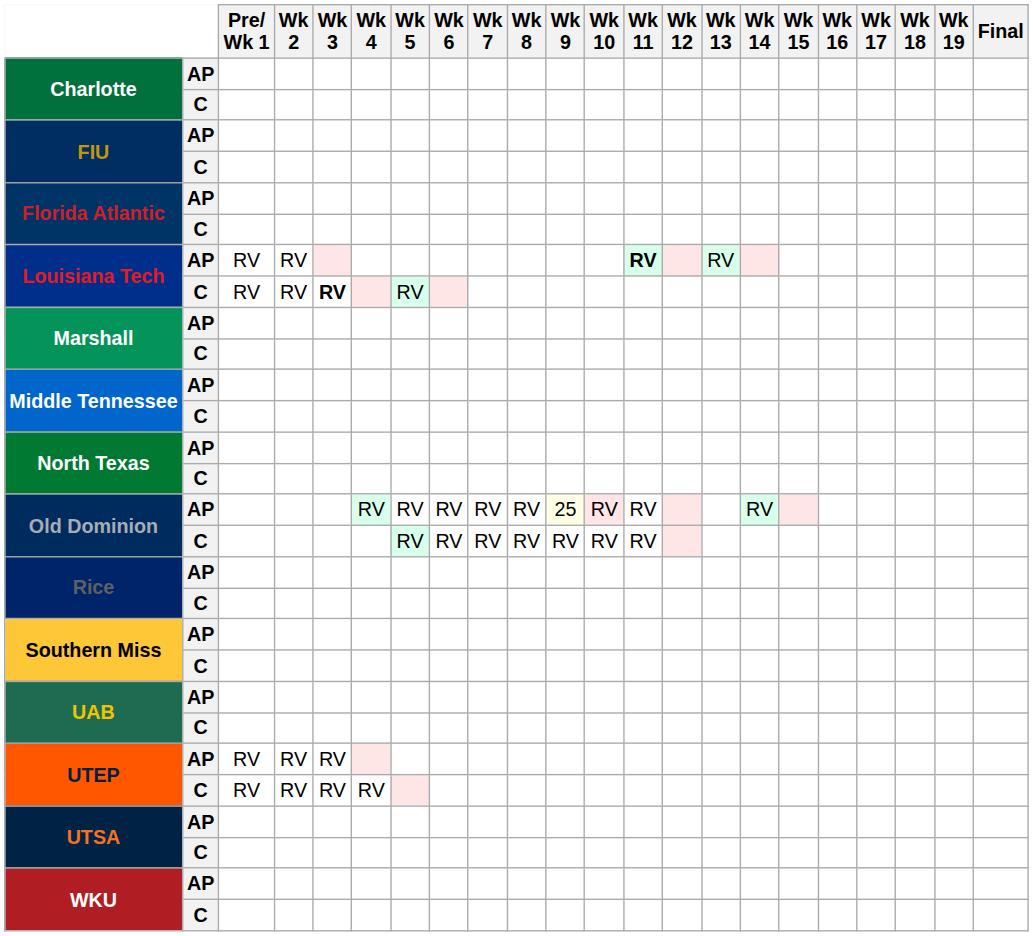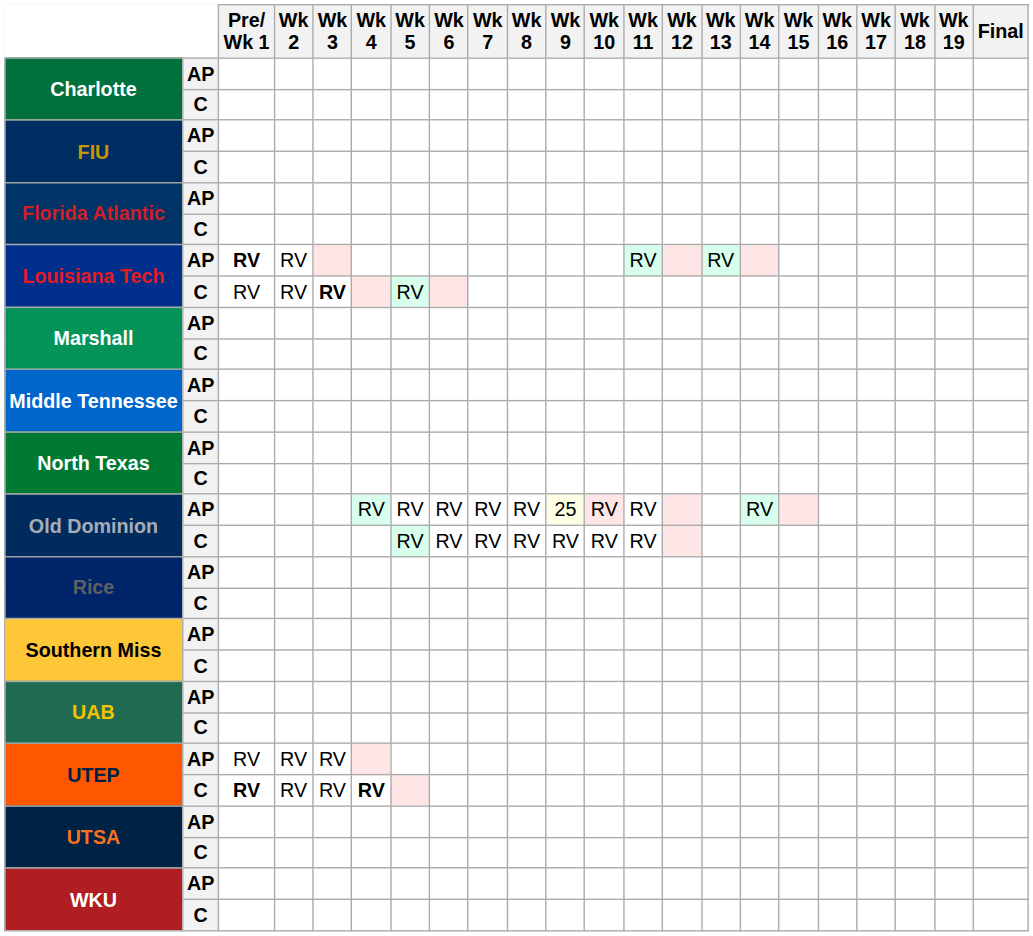 <table class="wikitable" style="white-space:nowrap;font-size:90%;">
 <tr>
 <th colspan=2 style="background:white; border-top-style:hidden; border-left-style:hidden;"> </th>
 <th>Pre/<br>Wk 1</th>
 <th>Wk<br>2</th>
 <th>Wk<br>3</th>
 <th>Wk<br>4</th>
 <th>Wk<br>5</th>
 <th>Wk<br>6</th>
 <th>Wk<br>7</th>
 <th>Wk<br>8</th>
 <th>Wk<br>9</th>
 <th>Wk<br>10</th>
 <th>Wk<br>11</th>
 <th>Wk<br>12</th>
 <th>Wk<br>13</th>
 <th>Wk<br>14</th>
 <th>Wk<br>15</th>
 <th>Wk<br>16</th>
 <th>Wk<br>17</th>
 <th>Wk<br>18</th>
 <th>Wk<br>19</th>
 <th>Final</th>
 </tr>
 <tr style="text-align:center;">
 <th rowspan=2 style="background:#00703C; color:#FFFFFF;">Charlotte</th>
 <th>AP</th>
 <td style="background:#FFF;"></td>
 <td style="background:#FFF;"></td>
 <td style="background:#FFF;"></td>
 <td style="background:#FFF;"></td>
 <td style="background:#FFF;"></td>
 <td style="background:#FFF;"></td>
 <td style="background:#FFF;"></td>
 <td style="background:#FFF;"></td>
 <td style="background:#FFF;"></td>
 <td style="background:#FFF;"></td>
 <td style="background:#FFF;"></td>
 <td style="background:#FFF;"></td>
 <td style="background:#FFF;"></td>
 <td style="background:#FFF;"></td>
 <td style="background:#FFF;"></td>
 <td style="background:#FFF;"></td>
 <td style="background:#FFF;"></td>
 <td style="background:#FFF;"></td>
 <td style="background:#FFF;"></td>
 <td style="background:#FFF;"></td>
 </tr>
 <tr style="text-align:center;">
 <th>C</th>
 <td style="background:#FFF;"></td>
 <td style="background:#FFF;"></td>
 <td style="background:#FFF;"></td>
 <td style="background:#FFF;"></td>
 <td style="background:#FFF;"></td>
 <td style="background:#FFF;"></td>
 <td style="background:#FFF;"></td>
 <td style="background:#FFF;"></td>
 <td style="background:#FFF;"></td>
 <td style="background:#FFF;"></td>
 <td style="background:#FFF;"></td>
 <td style="background:#FFF;"></td>
 <td style="background:#FFF;"></td>
 <td style="background:#FFF;"></td>
 <td style="background:#FFF;"></td>
 <td style="background:#FFF;"></td>
 <td style="background:#FFF;"></td>
 <td style="background:#FFF;"></td>
 <td style="background:#FFF;"></td>
 <td style="background:#FFF;"></td>
 </tr>
 <tr style="text-align:center;">
 <th rowspan=2 style="background:#002d62; color:#c5960c;">FIU</th>
 <th>AP</th>
 <td style="background:#FFF;"></td>
 <td style="background:#FFF;"></td>
 <td style="background:#FFF;"></td>
 <td style="background:#FFF;"></td>
 <td style="background:#FFF;"></td>
 <td style="background:#FFF;"></td>
 <td style="background:#FFF;"></td>
 <td style="background:#FFF;"></td>
 <td style="background:#FFF;"></td>
 <td style="background:#FFF;"></td>
 <td style="background:#FFF;"></td>
 <td style="background:#FFF;"></td>
 <td style="background:#FFF;"></td>
 <td style="background:#FFF;"></td>
 <td style="background:#FFF;"></td>
 <td style="background:#FFF;"></td>
 <td style="background:#FFF;"></td>
 <td style="background:#FFF;"></td>
 <td style="background:#FFF;"></td>
 <td style="background:#FFF;"></td>
 </tr>
 <tr style="text-align:center;">
 <th>C</th>
 <td style="background:#FFF;"></td>
 <td style="background:#FFF;"></td>
 <td style="background:#FFF;"></td>
 <td style="background:#FFF;"></td>
 <td style="background:#FFF;"></td>
 <td style="background:#FFF;"></td>
 <td style="background:#FFF;"></td>
 <td style="background:#FFF;"></td>
 <td style="background:#FFF;"></td>
 <td style="background:#FFF;"></td>
 <td style="background:#FFF;"></td>
 <td style="background:#FFF;"></td>
 <td style="background:#FFF;"></td>
 <td style="background:#FFF;"></td>
 <td style="background:#FFF;"></td>
 <td style="background:#FFF;"></td>
 <td style="background:#FFF;"></td>
 <td style="background:#FFF;"></td>
 <td style="background:#FFF;"></td>
 <td style="background:#FFF;"></td>
 </tr>
 <tr style="text-align:center;">
 <th rowspan=2 style="background:#003366; color:#CE2029;">Florida Atlantic</th>
 <th>AP</th>
 <td style="background:#FFF;"></td>
 <td style="background:#FFF;"></td>
 <td style="background:#FFF;"></td>
 <td style="background:#FFF;"></td>
 <td style="background:#FFF;"></td>
 <td style="background:#FFF;"></td>
 <td style="background:#FFF;"></td>
 <td style="background:#FFF;"></td>
 <td style="background:#FFF;"></td>
 <td style="background:#FFF;"></td>
 <td style="background:#FFF;"></td>
 <td style="background:#FFF;"></td>
 <td style="background:#FFF;"></td>
 <td style="background:#FFF;"></td>
 <td style="background:#FFF;"></td>
 <td style="background:#FFF;"></td>
 <td style="background:#FFF;"></td>
 <td style="background:#FFF;"></td>
 <td style="background:#FFF;"></td>
 <td style="background:#FFF;"></td>
 </tr>
 <tr style="text-align:center;">
 <th>C</th>
 <td style="background:#FFF;"></td>
 <td style="background:#FFF;"></td>
 <td style="background:#FFF;"></td>
 <td style="background:#FFF;"></td>
 <td style="background:#FFF;"></td>
 <td style="background:#FFF;"></td>
 <td style="background:#FFF;"></td>
 <td style="background:#FFF;"></td>
 <td style="background:#FFF;"></td>
 <td style="background:#FFF;"></td>
 <td style="background:#FFF;"></td>
 <td style="background:#FFF;"></td>
 <td style="background:#FFF;"></td>
 <td style="background:#FFF;"></td>
 <td style="background:#FFF;"></td>
 <td style="background:#FFF;"></td>
 <td style="background:#FFF;"></td>
 <td style="background:#FFF;"></td>
 <td style="background:#FFF;"></td>
 <td style="background:#FFF;"></td>
 </tr>
 <tr style="text-align:center;">
 <th rowspan=2 style="background:#002F8B; color:#E31B23;">Louisiana Tech</th>
 <th>AP</th>
-<td style="background:#FFF;">RV</td>
+<td style="background:#FFF;"><strong>RV</strong></td>
 <td style="background:#FFF;">RV</td>
 <td style="background:#ffe6e6;"></td>
 <td style="background:#FFF;"></td>
 <td style="background:#FFF;"></td>
 <td style="background:#FFF;"></td>
 <td style="background:#FFF;"></td>
 <td style="background:#FFF;"></td>
 <td style="background:#FFF;"></td>
 <td style="background:#FFF;"></td>
-<td style="background:#d8ffeb;"><strong>RV</strong></td>
+<td style="background:#d8ffeb;">RV</td>
 <td style="background:#ffe6e6;"></td>
 <td style="background:#d8ffeb;">RV</td>
 <td style="background:#ffe6e6;"></td>
 <td style="background:#FFF;"></td>
 <td style="background:#FFF;"></td>
 <td style="background:#FFF;"></td>
 <td style="background:#FFF;"></td>
 <td style="background:#FFF;"></td>
 <td style="background:#FFF;"></td>
 </tr>
 <tr style="text-align:center;">
 <th>C</th>
 <td style="background:#FFF;">RV</td>
 <td style="background:#FFF;">RV</td>
 <td style="background:#FFF;"><strong>RV</strong></td>
 <td style="background:#ffe6e6;"></td>
 <td style="background:#d8ffeb;">RV</td>
 <td style="background:#ffe6e6;"></td>
 <td style="background:#FFF;"></td>
 <td style="background:#FFF;"></td>
 <td style="background:#FFF;"></td>
 <td style="background:#FFF;"></td>
 <td style="background:#FFF;"></td>
 <td style="background:#FFF;"></td>
 <td style="background:#FFF;"></td>
 <td style="background:#FFF;"></td>
 <td style="background:#FFF;"></td>
 <td style="background:#FFF;"></td>
 <td style="background:#FFF;"></td>
 <td style="background:#FFF;"></td>
 <td style="background:#FFF;"></td>
 <td style="background:#FFF;"></td>
 </tr>
 <tr style="text-align:center;">
 <th rowspan=2 style="background:#04945a; color:#FFFFFF;">Marshall</th>
 <th>AP</th>
 <td style="background:#FFF;"></td>
 <td style="background:#FFF;"></td>
 <td style="background:#FFF;"></td>
 <td style="background:#FFF;"></td>
 <td style="background:#FFF;"></td>
 <td style="background:#FFF;"></td>
 <td style="background:#FFF;"></td>
 <td style="background:#FFF;"></td>
 <td style="background:#FFF;"></td>
 <td style="background:#FFF;"></td>
 <td style="background:#FFF;"></td>
 <td style="background:#FFF;"></td>
 <td style="background:#FFF;"></td>
 <td style="background:#FFF;"></td>
 <td style="background:#FFF;"></td>
 <td style="background:#FFF;"></td>
 <td style="background:#FFF;"></td>
 <td style="background:#FFF;"></td>
 <td style="background:#FFF;"></td>
 <td style="background:#FFF;"></td>
 </tr>
 <tr style="text-align:center;">
 <th>C</th>
 <td style="background:#FFF;"></td>
 <td style="background:#FFF;"></td>
 <td style="background:#FFF;"></td>
 <td style="background:#FFF;"></td>
 <td style="background:#FFF;"></td>
 <td style="background:#FFF;"></td>
 <td style="background:#FFF;"></td>
 <td style="background:#FFF;"></td>
 <td style="background:#FFF;"></td>
 <td style="background:#FFF;"></td>
 <td style="background:#FFF;"></td>
 <td style="background:#FFF;"></td>
 <td style="background:#FFF;"></td>
 <td style="background:#FFF;"></td>
 <td style="background:#FFF;"></td>
 <td style="background:#FFF;"></td>
 <td style="background:#FFF;"></td>
 <td style="background:#FFF;"></td>
 <td style="background:#FFF;"></td>
 <td style="background:#FFF;"></td>
 </tr>
 <tr style="text-align:center;">
 <th rowspan=2 style="background:#0066CC; color:#FFFFFF;">Middle Tennessee</th>
 <th>AP</th>
 <td style="background:#FFF;"></td>
 <td style="background:#FFF;"></td>
 <td style="background:#FFF;"></td>
 <td style="background:#FFF;"></td>
 <td style="background:#FFF;"></td>
 <td style="background:#FFF;"></td>
 <td style="background:#FFF;"></td>
 <td style="background:#FFF;"></td>
 <td style="background:#FFF;"></td>
 <td style="background:#FFF;"></td>
 <td style="background:#FFF;"></td>
 <td style="background:#FFF;"></td>
 <td style="background:#FFF;"></td>
 <td style="background:#FFF;"></td>
 <td style="background:#FFF;"></td>
 <td style="background:#FFF;"></td>
 <td style="background:#FFF;"></td>
 <td style="background:#FFF;"></td>
 <td style="background:#FFF;"></td>
 <td style="background:#FFF;"></td>
 </tr>
 <tr style="text-align:center;">
 <th>C</th>
 <td style="background:#FFF;"></td>
 <td style="background:#FFF;"></td>
 <td style="background:#FFF;"></td>
 <td style="background:#FFF;"></td>
 <td style="background:#FFF;"></td>
 <td style="background:#FFF;"></td>
 <td style="background:#FFF;"></td>
 <td style="background:#FFF;"></td>
 <td style="background:#FFF;"></td>
 <td style="background:#FFF;"></td>
 <td style="background:#FFF;"></td>
 <td style="background:#FFF;"></td>
 <td style="background:#FFF;"></td>
 <td style="background:#FFF;"></td>
 <td style="background:#FFF;"></td>
 <td style="background:#FFF;"></td>
 <td style="background:#FFF;"></td>
 <td style="background:#FFF;"></td>
 <td style="background:#FFF;"></td>
 <td style="background:#FFF;"></td>
 </tr>
 <tr style="text-align:center;">
 <th rowspan=2 style="background:#007A33; color:#FFFFFF;">North Texas</th>
 <th>AP</th>
 <td style="background:#FFF;"></td>
 <td style="background:#FFF;"></td>
 <td style="background:#FFF;"></td>
 <td style="background:#FFF;"></td>
 <td style="background:#FFF;"></td>
 <td style="background:#FFF;"></td>
 <td style="background:#FFF;"></td>
 <td style="background:#FFF;"></td>
 <td style="background:#FFF;"></td>
 <td style="background:#FFF;"></td>
 <td style="background:#FFF;"></td>
 <td style="background:#FFF;"></td>
 <td style="background:#FFF;"></td>
 <td style="background:#FFF;"></td>
 <td style="background:#FFF;"></td>
 <td style="background:#FFF;"></td>
 <td style="background:#FFF;"></td>
 <td style="background:#FFF;"></td>
 <td style="background:#FFF;"></td>
 <td style="background:#FFF;"></td>
 </tr>
 <tr style="text-align:center;">
 <th>C</th>
 <td style="background:#FFF;"></td>
 <td style="background:#FFF;"></td>
 <td style="background:#FFF;"></td>
 <td style="background:#FFF;"></td>
 <td style="background:#FFF;"></td>
 <td style="background:#FFF;"></td>
 <td style="background:#FFF;"></td>
 <td style="background:#FFF;"></td>
 <td style="background:#FFF;"></td>
 <td style="background:#FFF;"></td>
 <td style="background:#FFF;"></td>
 <td style="background:#FFF;"></td>
 <td style="background:#FFF;"></td>
 <td style="background:#FFF;"></td>
 <td style="background:#FFF;"></td>
 <td style="background:#FFF;"></td>
 <td style="background:#FFF;"></td>
 <td style="background:#FFF;"></td>
 <td style="background:#FFF;"></td>
 <td style="background:#FFF;"></td>
 </tr>
 <tr style="text-align:center;">
 <th rowspan=2 style="background:#002b5f; color:#a8adb4;">Old Dominion</th>
 <th>AP</th>
 <td style="background:#FFF;"></td>
 <td style="background:#FFF;"></td>
 <td style="background:#FFF;"></td>
 <td style="background:#d8ffeb;">RV</td>
 <td style="background:#FFF;">RV</td>
 <td style="background:#FFF;">RV</td>
 <td style="background:#FFF;">RV</td>
 <td style="background:#FFF;">RV</td>
 <td style="background:#ffffe6;">25</td>
 <td style="background:#ffe6e6;">RV</td>
 <td style="background:#FFF;">RV</td>
 <td style="background:#ffe6e6;"></td>
 <td style="background:#FFF;"></td>
 <td style="background:#d8ffeb;">RV</td>
 <td style="background:#ffe6e6;"></td>
 <td style="background:#FFF;"></td>
 <td style="background:#FFF;"></td>
 <td style="background:#FFF;"></td>
 <td style="background:#FFF;"></td>
 <td style="background:#FFF;"></td>
 </tr>
 <tr style="text-align:center;">
 <th>C</th>
 <td style="background:#FFF;"></td>
 <td style="background:#FFF;"></td>
 <td style="background:#FFF;"></td>
 <td style="background:#FFF;"></td>
 <td style="background:#d8ffeb;">RV</td>
 <td style="background:#FFF;">RV</td>
 <td style="background:#FFF;">RV</td>
 <td style="background:#FFF;">RV</td>
 <td style="background:#FFF;">RV</td>
 <td style="background:#FFF;">RV</td>
 <td style="background:#FFF;">RV</td>
 <td style="background:#ffe6e6;"></td>
 <td style="background:#FFF;"></td>
 <td style="background:#FFF;"></td>
 <td style="background:#FFF;"></td>
 <td style="background:#FFF;"></td>
 <td style="background:#FFF;"></td>
 <td style="background:#FFF;"></td>
 <td style="background:#FFF;"></td>
 <td style="background:#FFF;"></td>
 </tr>
 <tr style="text-align:center;">
 <th rowspan=2 style="background:#002469; color:#5e6062;">Rice</th>
 <th>AP</th>
 <td style="background:#FFF;"></td>
 <td style="background:#FFF;"></td>
 <td style="background:#FFF;"></td>
 <td style="background:#FFF;"></td>
 <td style="background:#FFF;"></td>
 <td style="background:#FFF;"></td>
 <td style="background:#FFF;"></td>
 <td style="background:#FFF;"></td>
 <td style="background:#FFF;"></td>
 <td style="background:#FFF;"></td>
 <td style="background:#FFF;"></td>
 <td style="background:#FFF;"></td>
 <td style="background:#FFF;"></td>
 <td style="background:#FFF;"></td>
 <td style="background:#FFF;"></td>
 <td style="background:#FFF;"></td>
 <td style="background:#FFF;"></td>
 <td style="background:#FFF;"></td>
 <td style="background:#FFF;"></td>
 <td style="background:#FFF;"></td>
 </tr>
 <tr style="text-align:center;">
 <th>C</th>
 <td style="background:#FFF;"></td>
 <td style="background:#FFF;"></td>
 <td style="background:#FFF;"></td>
 <td style="background:#FFF;"></td>
 <td style="background:#FFF;"></td>
 <td style="background:#FFF;"></td>
 <td style="background:#FFF;"></td>
 <td style="background:#FFF;"></td>
 <td style="background:#FFF;"></td>
 <td style="background:#FFF;"></td>
 <td style="background:#FFF;"></td>
 <td style="background:#FFF;"></td>
 <td style="background:#FFF;"></td>
 <td style="background:#FFF;"></td>
 <td style="background:#FFF;"></td>
 <td style="background:#FFF;"></td>
 <td style="background:#FFF;"></td>
 <td style="background:#FFF;"></td>
 <td style="background:#FFF;"></td>
 <td style="background:#FFF;"></td>
 </tr>
 <tr style="text-align:center;">
 <th rowspan=2 style="background:#FDC737; color:#000000;">Southern Miss</th>
 <th>AP</th>
 <td style="background:#FFF;"></td>
 <td style="background:#FFF;"></td>
 <td style="background:#FFF;"></td>
 <td style="background:#FFF;"></td>
 <td style="background:#FFF;"></td>
 <td style="background:#FFF;"></td>
 <td style="background:#FFF;"></td>
 <td style="background:#FFF;"></td>
 <td style="background:#FFF;"></td>
 <td style="background:#FFF;"></td>
 <td style="background:#FFF;"></td>
 <td style="background:#FFF;"></td>
 <td style="background:#FFF;"></td>
 <td style="background:#FFF;"></td>
 <td style="background:#FFF;"></td>
 <td style="background:#FFF;"></td>
 <td style="background:#FFF;"></td>
 <td style="background:#FFF;"></td>
 <td style="background:#FFF;"></td>
 <td style="background:#FFF;"></td>
 </tr>
 <tr style="text-align:center;">
 <th>C</th>
 <td style="background:#FFF;"></td>
 <td style="background:#FFF;"></td>
 <td style="background:#FFF;"></td>
 <td style="background:#FFF;"></td>
 <td style="background:#FFF;"></td>
 <td style="background:#FFF;"></td>
 <td style="background:#FFF;"></td>
 <td style="background:#FFF;"></td>
 <td style="background:#FFF;"></td>
 <td style="background:#FFF;"></td>
 <td style="background:#FFF;"></td>
 <td style="background:#FFF;"></td>
 <td style="background:#FFF;"></td>
 <td style="background:#FFF;"></td>
 <td style="background:#FFF;"></td>
 <td style="background:#FFF;"></td>
 <td style="background:#FFF;"></td>
 <td style="background:#FFF;"></td>
 <td style="background:#FFF;"></td>
 <td style="background:#FFF;"></td>
 </tr>
 <tr style="text-align:center;">
 <th rowspan=2 style="background:#1E6B52; color:#F4C300;">UAB</th>
 <th>AP</th>
 <td style="background:#FFF;"></td>
 <td style="background:#FFF;"></td>
 <td style="background:#FFF;"></td>
 <td style="background:#FFF;"></td>
 <td style="background:#FFF;"></td>
 <td style="background:#FFF;"></td>
 <td style="background:#FFF;"></td>
 <td style="background:#FFF;"></td>
 <td style="background:#FFF;"></td>
 <td style="background:#FFF;"></td>
 <td style="background:#FFF;"></td>
 <td style="background:#FFF;"></td>
 <td style="background:#FFF;"></td>
 <td style="background:#FFF;"></td>
 <td style="background:#FFF;"></td>
 <td style="background:#FFF;"></td>
 <td style="background:#FFF;"></td>
 <td style="background:#FFF;"></td>
 <td style="background:#FFF;"></td>
 <td style="background:#FFF;"></td>
 </tr>
 <tr style="text-align:center;">
 <th>C</th>
 <td style="background:#FFF;"></td>
 <td style="background:#FFF;"></td>
 <td style="background:#FFF;"></td>
 <td style="background:#FFF;"></td>
 <td style="background:#FFF;"></td>
 <td style="background:#FFF;"></td>
 <td style="background:#FFF;"></td>
 <td style="background:#FFF;"></td>
 <td style="background:#FFF;"></td>
 <td style="background:#FFF;"></td>
 <td style="background:#FFF;"></td>
 <td style="background:#FFF;"></td>
 <td style="background:#FFF;"></td>
 <td style="background:#FFF;"></td>
 <td style="background:#FFF;"></td>
 <td style="background:#FFF;"></td>
 <td style="background:#FFF;"></td>
 <td style="background:#FFF;"></td>
 <td style="background:#FFF;"></td>
 <td style="background:#FFF;"></td>
 </tr>
 <tr style="text-align:center;">
 <th rowspan=2 style="background:#ff5600; color:#002147;">UTEP</th>
 <th>AP</th>
 <td style="background:#FFF;">RV</td>
 <td style="background:#FFF;">RV</td>
 <td style="background:#FFF;">RV</td>
 <td style="background:#ffe6e6;"></td>
 <td style="background:#FFF;"></td>
 <td style="background:#FFF;"></td>
 <td style="background:#FFF;"></td>
 <td style="background:#FFF;"></td>
 <td style="background:#FFF;"></td>
 <td style="background:#FFF;"></td>
 <td style="background:#FFF;"></td>
 <td style="background:#FFF;"></td>
 <td style="background:#FFF;"></td>
 <td style="background:#FFF;"></td>
 <td style="background:#FFF;"></td>
 <td style="background:#FFF;"></td>
 <td style="background:#FFF;"></td>
 <td style="background:#FFF;"></td>
 <td style="background:#FFF;"></td>
 <td style="background:#FFF;"></td>
 </tr>
 <tr style="text-align:center;">
 <th>C</th>
+<td style="background:#FFF;"><strong>RV</strong></td>
 <td style="background:#FFF;">RV</td>
 <td style="background:#FFF;">RV</td>
-<td style="background:#FFF;">RV</td>
-<td style="background:#FFF;">RV</td>
+<td style="background:#FFF;"><strong>RV</strong></td>
 <td style="background:#ffe6e6;"></td>
 <td style="background:#FFF;"></td>
 <td style="background:#FFF;"></td>
 <td style="background:#FFF;"></td>
 <td style="background:#FFF;"></td>
 <td style="background:#FFF;"></td>
 <td style="background:#FFF;"></td>
 <td style="background:#FFF;"></td>
 <td style="background:#FFF;"></td>
 <td style="background:#FFF;"></td>
 <td style="background:#FFF;"></td>
 <td style="background:#FFF;"></td>
 <td style="background:#FFF;"></td>
 <td style="background:#FFF;"></td>
 <td style="background:#FFF;"></td>
 <td style="background:#FFF;"></td>
 </tr>
 <tr style="text-align:center;">
 <th rowspan=2 style="background:#002244; color:#f47321;">UTSA</th>
 <th>AP</th>
 <td style="background:#FFF;"></td>
 <td style="background:#FFF;"></td>
 <td style="background:#FFF;"></td>
 <td style="background:#FFF;"></td>
 <td style="background:#FFF;"></td>
 <td style="background:#FFF;"></td>
 <td style="background:#FFF;"></td>
 <td style="background:#FFF;"></td>
 <td style="background:#FFF;"></td>
 <td style="background:#FFF;"></td>
 <td style="background:#FFF;"></td>
 <td style="background:#FFF;"></td>
 <td style="background:#FFF;"></td>
 <td style="background:#FFF;"></td>
 <td style="background:#FFF;"></td>
 <td style="background:#FFF;"></td>
 <td style="background:#FFF;"></td>
 <td style="background:#FFF;"></td>
 <td style="background:#FFF;"></td>
 <td style="background:#FFF;"></td>
 </tr>
 <tr style="text-align:center;">
 <th>C</th>
 <td style="background:#FFF;"></td>
 <td style="background:#FFF;"></td>
 <td style="background:#FFF;"></td>
 <td style="background:#FFF;"></td>
 <td style="background:#FFF;"></td>
 <td style="background:#FFF;"></td>
 <td style="background:#FFF;"></td>
 <td style="background:#FFF;"></td>
 <td style="background:#FFF;"></td>
 <td style="background:#FFF;"></td>
 <td style="background:#FFF;"></td>
 <td style="background:#FFF;"></td>
 <td style="background:#FFF;"></td>
 <td style="background:#FFF;"></td>
 <td style="background:#FFF;"></td>
 <td style="background:#FFF;"></td>
 <td style="background:#FFF;"></td>
 <td style="background:#FFF;"></td>
 <td style="background:#FFF;"></td>
 <td style="background:#FFF;"></td>
 </tr>
 <tr style="text-align:center;">
 <th rowspan=2 style="background:#B01E24; color:#FFFFFF;">WKU</th>
 <th>AP</th>
 <td style="background:#FFF;"></td>
 <td style="background:#FFF;"></td>
 <td style="background:#FFF;"></td>
 <td style="background:#FFF;"></td>
 <td style="background:#FFF;"></td>
 <td style="background:#FFF;"></td>
 <td style="background:#FFF;"></td>
 <td style="background:#FFF;"></td>
 <td style="background:#FFF;"></td>
 <td style="background:#FFF;"></td>
 <td style="background:#FFF;"></td>
 <td style="background:#FFF;"></td>
 <td style="background:#FFF;"></td>
 <td style="background:#FFF;"></td>
 <td style="background:#FFF;"></td>
 <td style="background:#FFF;"></td>
 <td style="background:#FFF;"></td>
 <td style="background:#FFF;"></td>
 <td style="background:#FFF;"></td>
 <td style="background:#FFF;"></td>
 </tr>
 <tr style="text-align:center;">
 <th>C</th>
 <td style="background:#FFF;"></td>
 <td style="background:#FFF;"></td>
 <td style="background:#FFF;"></td>
 <td style="background:#FFF;"></td>
 <td style="background:#FFF;"></td>
 <td style="background:#FFF;"></td>
 <td style="background:#FFF;"></td>
 <td style="background:#FFF;"></td>
 <td style="background:#FFF;"></td>
 <td style="background:#FFF;"></td>
 <td style="background:#FFF;"></td>
 <td style="background:#FFF;"></td>
 <td style="background:#FFF;"></td>
 <td style="background:#FFF;"></td>
 <td style="background:#FFF;"></td>
 <td style="background:#FFF;"></td>
 <td style="background:#FFF;"></td>
 <td style="background:#FFF;"></td>
 <td style="background:#FFF;"></td>
 <td style="background:#FFF;"></td>
 </tr>
 </table>
